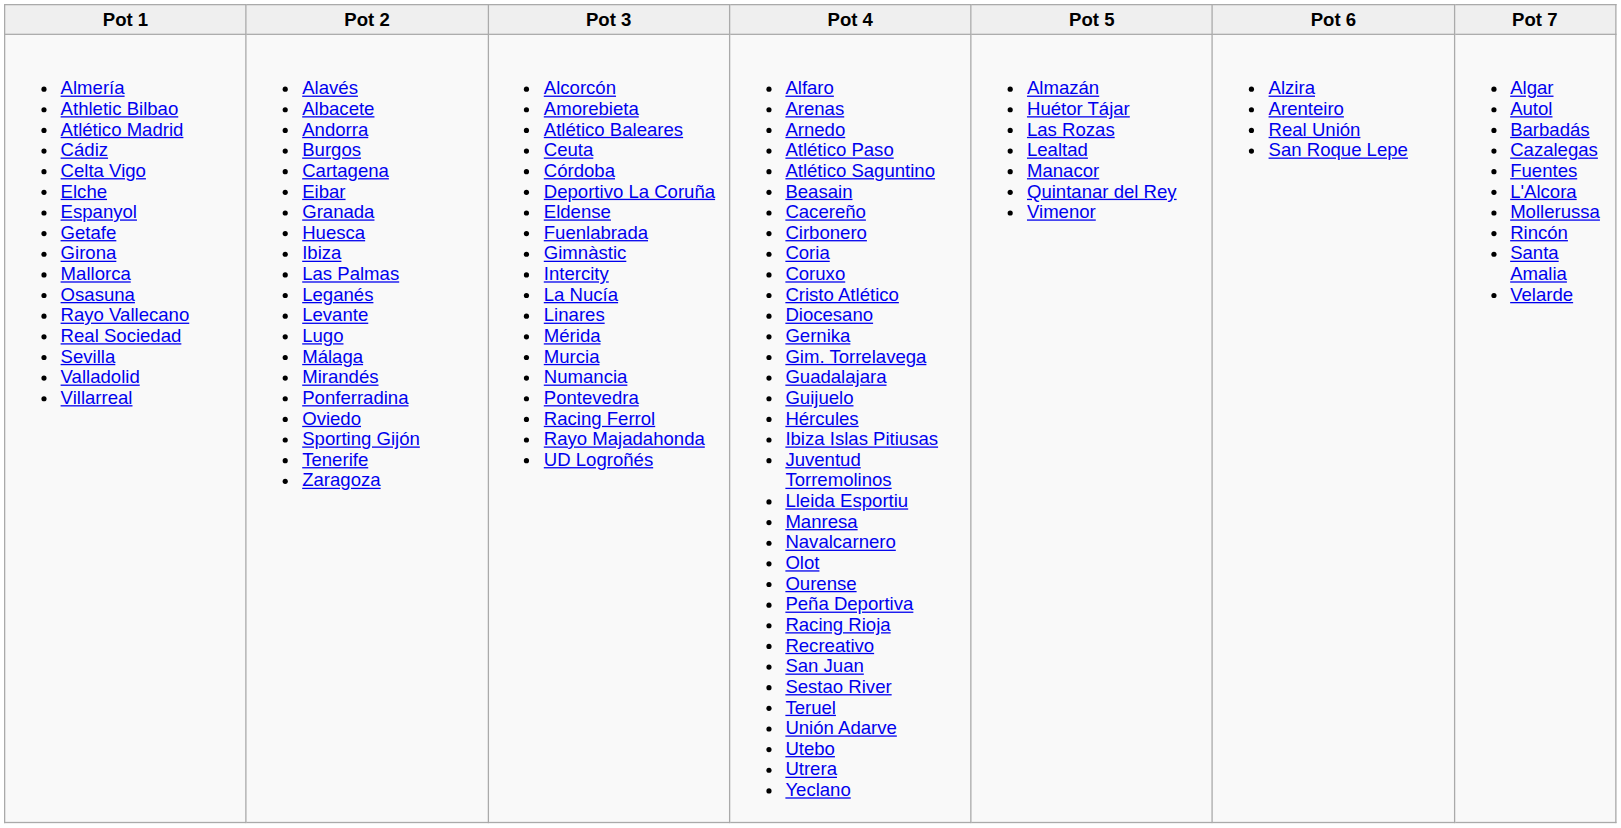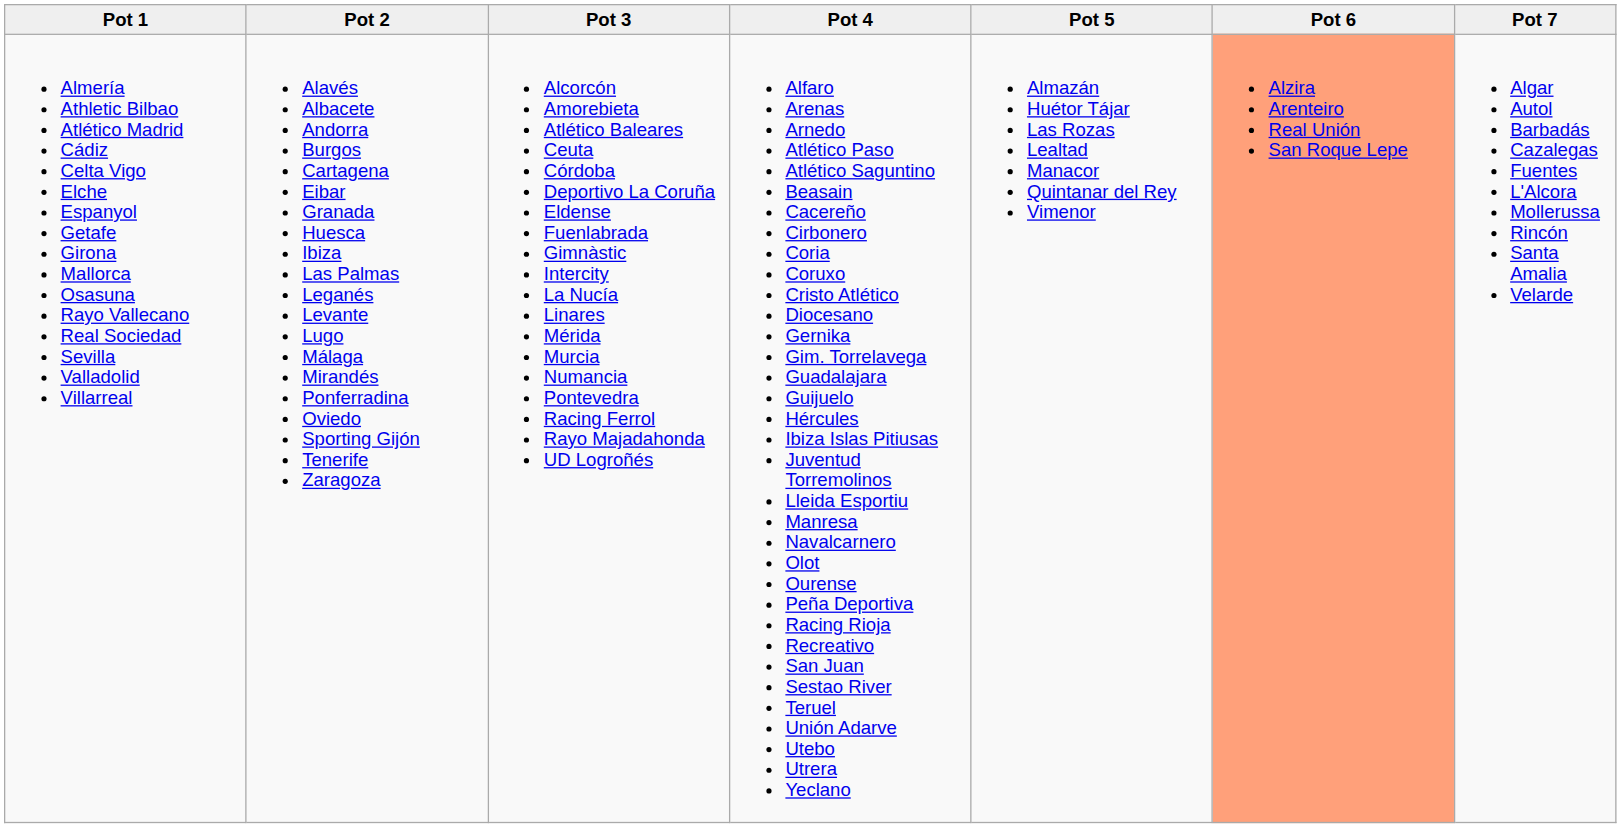 <table class="wikitable" style="font-size:90%">
 <tr bgcolor=#efefef align=center>
 <td width=15%><strong>Pot 1</strong><br></td>
 <td width=15%><strong>Pot 2</strong><br></td>
 <td width=15%><strong>Pot 3</strong><br></td>
 <td width=15%><strong>Pot 4</strong><br></td>
 <td width=15%><strong>Pot 5</strong><br></td>
 <td width=15%><strong>Pot 6</strong><br></td>
 <td width=15%><strong>Pot 7</strong><br></td>
 </tr>
 <tr valign=top>
 <td><br><ul><li><a href='#'>Almería</a></li><li><a href='#'>Athletic Bilbao</a></li><li><a href='#'>Atlético Madrid</a></li><li><a href='#'>Cádiz</a></li><li><a href='#'>Celta Vigo</a></li><li><a href='#'>Elche</a></li><li><a href='#'>Espanyol</a></li><li><a href='#'>Getafe</a></li><li><a href='#'>Girona</a></li><li><a href='#'>Mallorca</a></li><li><a href='#'>Osasuna</a></li><li><a href='#'>Rayo Vallecano</a></li><li><a href='#'>Real Sociedad</a></li><li><a href='#'>Sevilla</a></li><li><a href='#'>Valladolid</a></li><li><a href='#'>Villarreal</a></li></ul></td>
 <td><br><ul><li><a href='#'>Alavés</a></li><li><a href='#'>Albacete</a></li><li><a href='#'>Andorra</a></li><li><a href='#'>Burgos</a></li><li><a href='#'>Cartagena</a></li><li><a href='#'>Eibar</a></li><li><a href='#'>Granada</a></li><li><a href='#'>Huesca</a></li><li><a href='#'>Ibiza</a></li><li><a href='#'>Las Palmas</a></li><li><a href='#'>Leganés</a></li><li><a href='#'>Levante</a></li><li><a href='#'>Lugo</a></li><li><a href='#'>Málaga</a></li><li><a href='#'>Mirandés</a></li><li><a href='#'>Ponferradina</a></li><li><a href='#'>Oviedo</a></li><li><a href='#'>Sporting Gijón</a></li><li><a href='#'>Tenerife</a></li><li><a href='#'>Zaragoza</a></li></ul></td>
 <td><br><ul><li><a href='#'>Alcorcón</a></li><li><a href='#'>Amorebieta</a></li><li><a href='#'>Atlético Baleares</a></li><li><a href='#'>Ceuta</a></li><li><a href='#'>Córdoba</a></li><li><a href='#'>Deportivo La Coruña</a></li><li><a href='#'>Eldense</a></li><li><a href='#'>Fuenlabrada</a></li><li><a href='#'>Gimnàstic</a></li><li><a href='#'>Intercity</a></li><li><a href='#'>La Nucía</a></li><li><a href='#'>Linares</a></li><li><a href='#'>Mérida</a></li><li><a href='#'>Murcia</a></li><li><a href='#'>Numancia</a></li><li><a href='#'>Pontevedra</a></li><li><a href='#'>Racing Ferrol</a></li><li><a href='#'>Rayo Majadahonda</a></li><li><a href='#'>UD Logroñés</a></li></ul></td>
 <td><br><ul><li><a href='#'>Alfaro</a></li><li><a href='#'>Arenas</a></li><li><a href='#'>Arnedo</a></li><li><a href='#'>Atlético Paso</a></li><li><a href='#'>Atlético Saguntino</a></li><li><a href='#'>Beasain</a></li><li><a href='#'>Cacereño</a></li><li><a href='#'>Cirbonero</a></li><li><a href='#'>Coria</a></li><li><a href='#'>Coruxo</a></li><li><a href='#'>Cristo Atlético</a></li><li><a href='#'>Diocesano</a></li><li><a href='#'>Gernika</a></li><li><a href='#'>Gim. Torrelavega</a></li><li><a href='#'>Guadalajara</a></li><li><a href='#'>Guijuelo</a></li><li><a href='#'>Hércules</a></li><li><a href='#'>Ibiza Islas Pitiusas</a></li><li><a href='#'>Juventud Torremolinos</a></li><li><a href='#'>Lleida Esportiu</a></li><li><a href='#'>Manresa</a></li><li><a href='#'>Navalcarnero</a></li><li><a href='#'>Olot</a></li><li><a href='#'>Ourense</a></li><li><a href='#'>Peña Deportiva</a></li><li><a href='#'>Racing Rioja</a></li><li><a href='#'>Recreativo</a></li><li><a href='#'>San Juan</a></li><li><a href='#'>Sestao River</a></li><li><a href='#'>Teruel</a></li><li><a href='#'>Unión Adarve</a></li><li><a href='#'>Utebo</a></li><li><a href='#'>Utrera</a></li><li><a href='#'>Yeclano</a></li></ul></td>
 <td><br><ul><li><a href='#'>Almazán</a></li><li><a href='#'>Huétor Tájar</a></li><li><a href='#'>Las Rozas</a></li><li><a href='#'>Lealtad</a></li><li><a href='#'>Manacor</a></li><li><a href='#'>Quintanar del Rey</a></li><li><a href='#'>Vimenor</a></li></ul></td>
-<td><br><ul><li><a href='#'>Alzira</a></li><li><a href='#'>Arenteiro</a></li><li><a href='#'>Real Unión</a></li><li><a href='#'>San Roque Lepe</a></li></ul></td>
+<td style="background: lightsalmon;"><br><ul><li><a href='#'>Alzira</a></li><li><a href='#'>Arenteiro</a></li><li><a href='#'>Real Unión</a></li><li><a href='#'>San Roque Lepe</a></li></ul></td>
 <td><br><ul><li><a href='#'>Algar</a></li><li><a href='#'>Autol</a></li><li><a href='#'>Barbadás</a></li><li><a href='#'>Cazalegas</a></li><li><a href='#'>Fuentes</a></li><li><a href='#'>L'Alcora</a></li><li><a href='#'>Mollerussa</a></li><li><a href='#'>Rincón</a></li><li><a href='#'>Santa Amalia</a></li><li><a href='#'>Velarde</a></li></ul></td>
 </tr>
 </table>
